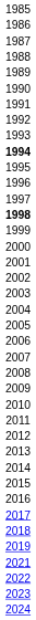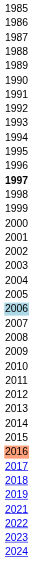 <table>
 <tr>
 <td align="center">1985</td>
 <td></td>
 <td></td>
 <td></td>
 </tr>
 <tr>
 <td align="center">1986</td>
 <td></td>
 <td></td>
 <td></td>
 </tr>
 <tr>
 <td align="center">1987</td>
 <td></td>
 <td></td>
 <td></td>
 </tr>
 <tr>
 <td align="center">1988</td>
 <td></td>
 <td></td>
 <td></td>
 </tr>
 <tr>
 <td align="center">1989</td>
 <td></td>
 <td></td>
 <td></td>
 </tr>
 <tr>
 <td align="center">1990</td>
 <td></td>
 <td></td>
 <td></td>
 </tr>
 <tr>
 <td align="center">1991</td>
 <td></td>
 <td></td>
 <td></td>
 </tr>
 <tr>
 <td align="center">1992</td>
 <td></td>
 <td></td>
 <td></td>
 </tr>
 <tr>
 <td align="center">1993</td>
 <td></td>
 <td></td>
 <td></td>
 </tr>
 <tr>
-<td align="center"><strong>1994</strong></td>
+<td align="center">1994</td>
 <td></td>
 <td></td>
 <td></td>
 </tr>
 <tr>
 <td align="center">1995</td>
 <td></td>
 <td></td>
 <td></td>
 </tr>
 <tr>
 <td align="center">1996</td>
 <td></td>
 <td></td>
 <td></td>
 </tr>
 <tr>
-<td align="center">1997</td>
+<td align="center"><strong>1997</strong></td>
 <td></td>
 <td></td>
 <td></td>
 </tr>
 <tr>
-<td align="center"><strong>1998</strong></td>
+<td align="center">1998</td>
 <td></td>
 <td></td>
 <td></td>
 </tr>
 <tr>
 <td align="center">1999</td>
 <td></td>
 <td></td>
 <td></td>
 </tr>
 <tr>
 <td align="center">2000</td>
 <td></td>
 <td></td>
 <td></td>
 </tr>
 <tr>
 <td align="center">2001</td>
 <td></td>
 <td></td>
 <td></td>
 </tr>
 <tr>
 <td align="center">2002</td>
 <td></td>
 <td></td>
 <td></td>
 </tr>
 <tr>
 <td align="center">2003</td>
 <td></td>
 <td></td>
 <td></td>
 </tr>
 <tr>
 <td align="center">2004</td>
 <td></td>
 <td></td>
 <td></td>
 </tr>
 <tr>
 <td align="center">2005</td>
 <td></td>
 <td></td>
 <td></td>
 </tr>
 <tr>
-<td align="center">2006</td>
+<td align="center" style="background: lightblue;">2006</td>
 <td></td>
 <td></td>
 <td></td>
 </tr>
 <tr>
 <td align="center">2007</td>
 <td></td>
 <td></td>
 <td></td>
 </tr>
 <tr>
 <td align="center">2008</td>
 <td></td>
 <td></td>
 <td></td>
 </tr>
 <tr>
 <td align="center">2009</td>
 <td></td>
 <td></td>
 <td></td>
 </tr>
 <tr>
 <td align="center">2010</td>
 <td></td>
 <td></td>
 <td></td>
 </tr>
 <tr>
 <td align="center">2011</td>
 <td></td>
 <td></td>
 <td></td>
 </tr>
 <tr>
 <td align="center">2012</td>
 <td></td>
 <td></td>
 <td></td>
 </tr>
 <tr>
 <td align="center">2013</td>
 <td></td>
 <td></td>
 <td></td>
 </tr>
 <tr>
 <td align="center">2014</td>
 <td></td>
 <td></td>
 <td></td>
 </tr>
 <tr>
 <td align="center">2015</td>
 <td></td>
 <td></td>
 <td></td>
 </tr>
 <tr>
-<td align="center">2016</td>
+<td align="center" style="background: lightsalmon;">2016</td>
 <td></td>
 <td></td>
 <td></td>
 </tr>
 <tr>
 <td align="center"><a href='#'>2017</a></td>
 <td></td>
 <td></td>
 <td></td>
 </tr>
 <tr>
 <td align="center"><a href='#'>2018</a></td>
 <td></td>
 <td></td>
 <td></td>
 </tr>
 <tr>
 <td align="center"><a href='#'>2019</a></td>
 <td></td>
 <td></td>
 <td></td>
 </tr>
 <tr>
 <td align="center"><a href='#'>2021</a></td>
 <td></td>
 <td nowrap></td>
 <td></td>
 </tr>
 <tr>
 <td align="center"><a href='#'>2022</a></td>
 <td></td>
 <td></td>
 <td></td>
 </tr>
 <tr>
 <td align="center"><a href='#'>2023</a></td>
 <td></td>
 <td></td>
 <td></td>
 </tr>
 <tr>
 <td align="center"><a href='#'>2024</a></td>
 <td></td>
 <td></td>
 <td></td>
 </tr>
 </table>
